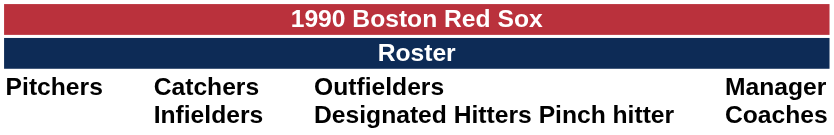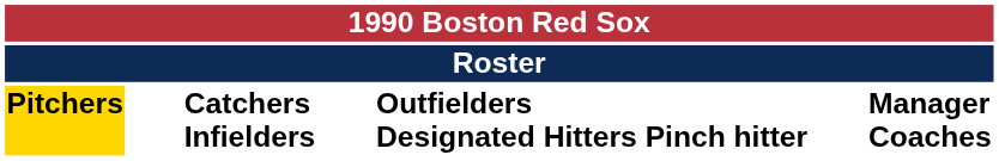 <table class="toccolours" style="text-align: left;">
 <tr>
 <th colspan="10" style="background-color: #ba313c; color: #FFFFFF; text-align: center;">1990 Boston Red Sox</th>
 </tr>
 <tr>
 <td colspan="10" style="background-color:#0d2b56; color: white; text-align: center;"><strong>Roster</strong></td>
 </tr>
 <tr>
-<td valign="top"><strong>Pitchers</strong><br>                  </td>
+<td valign="top" style="background: gold;"><strong>Pitchers</strong><br>                  </td>
 <td width="25px"></td>
 <td valign="top"><strong>Catchers</strong><br>   <strong>Infielders</strong>          </td>
 <td width="25px"></td>
 <td valign="top"><strong>Outfielders</strong><br>       <strong>Designated Hitters</strong>    <strong>Pinch hitter</strong> </td>
 <td width="25px"></td>
 <td valign="top"><strong>Manager</strong><br> <strong>Coaches</strong> </small> </small> </small> </small> </small></td>
 </tr>
 </table>
